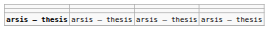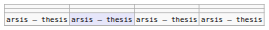 <table class="wikitable" style="margin-left: 1em;">
 <tr>
 <td></td>
 <td></td>
 <td></td>
 <td></td>
 </tr>
 <tr>
 <td></td>
 <td></td>
 <td></td>
 <td></td>
 </tr>
 <tr style="font-size: 0.8em;">
-<td><strong>arsis — thesis</strong></td>
 <td>arsis — thesis</td>
+<td style="background: lavender;">arsis — thesis</td>
 <td>arsis — thesis</td>
 <td>arsis — thesis</td>
 </tr>
 <tr>
 </tr>
 </table>
